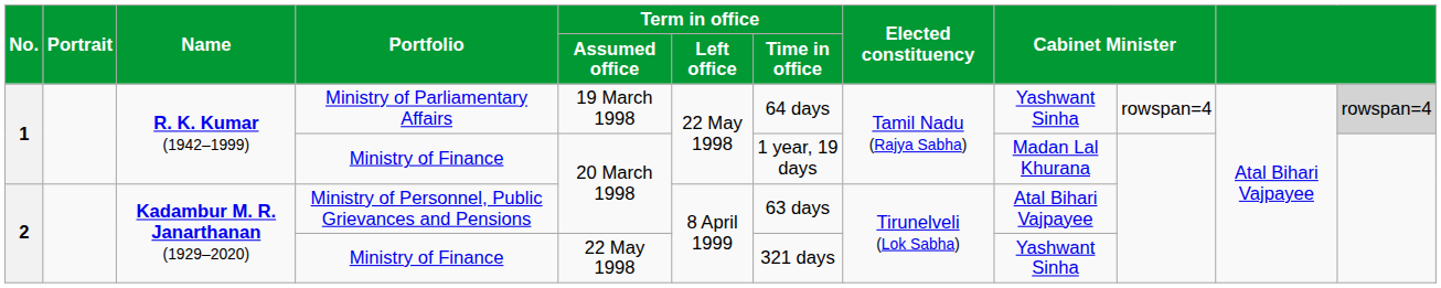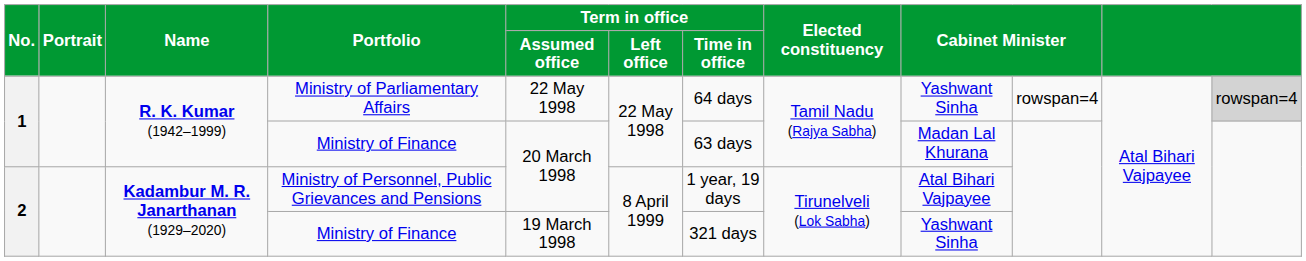 <table class="wikitable sortable" style="text-align:center;">
 <tr>
 <th rowspan=2 style="background-color:#009933;color:white">No.</th>
 <th rowspan=2 style="background-color:#009933;color:white">Portrait</th>
 <th rowspan=2 style="background-color:#009933;color:white">Name<br></th>
 <th rowspan=2 style="background-color:#009933;color:white">Portfolio</th>
 <th colspan=3 style="background-color:#009933;color:white">Term in office</th>
 <th rowspan=2 style="background-color:#009933;color:white">Elected constituency<br></th>
 <th rowspan=2 colspan=2 style="background-color:#009933;color:white">Cabinet Minister</th>
 <th rowspan=2 colspan=2 style="background-color:#009933;color:white"><a href='#'></a></th>
 </tr>
 <tr>
 <th style="background-color:#009933;color:white">Assumed office</th>
 <th style="background-color:#009933;color:white">Left office</th>
 <th style="background-color:#009933;color:white">Time in office</th>
 </tr>
 <tr>
 <th rowspan=2>1</th>
 <td rowspan=2></td>
 <td rowspan=2><strong><a href='#'>R. K. Kumar</a></strong><br><small>(1942–1999)</small></td>
 <td><a href='#'>Ministry of Parliamentary Affairs</a></td>
-<td>19 March 1998</td>
+<td>22 May 1998</td>
 <td rowspan=2>22 May 1998</td>
 <td>64 days</td>
 <td rowspan=2><a href='#'>Tamil Nadu</a><br><small>(<a href='#'>Rajya Sabha</a>)</small></td>
 <td><a href='#'>Yashwant Sinha</a></td>
 <td>rowspan=4 </td>
 <td rowspan=4><a href='#'>Atal Bihari Vajpayee</a></td>
 <td style="background: lightgrey;">rowspan=4 </td>
 </tr>
 <tr>
 <td><a href='#'>Ministry of Finance</a></td>
 <td rowspan=2>20 March 1998</td>
-<td>1 year, 19 days</td>
+<td>63 days</td>
 <td><a href='#'>Madan Lal Khurana</a></td>
 </tr>
 <tr>
 <th rowspan=2>2</th>
 <td rowspan=2></td>
 <td rowspan=2><strong><a href='#'>Kadambur M. R. Janarthanan</a></strong><br><small>(1929–2020)</small></td>
 <td><a href='#'>Ministry of Personnel, Public Grievances and Pensions</a></td>
 <td rowspan=2>8 April 1999</td>
-<td>63 days</td>
+<td>1 year, 19 days</td>
 <td rowspan=2><a href='#'>Tirunelveli</a><br><small>(<a href='#'>Lok Sabha</a>)</small></td>
 <td><a href='#'>Atal Bihari Vajpayee</a></td>
 </tr>
 <tr>
 <td><a href='#'>Ministry of Finance</a></td>
-<td>22 May 1998</td>
+<td>19 March 1998</td>
 <td>321 days</td>
 <td><a href='#'>Yashwant Sinha</a></td>
 </tr>
 </table>
